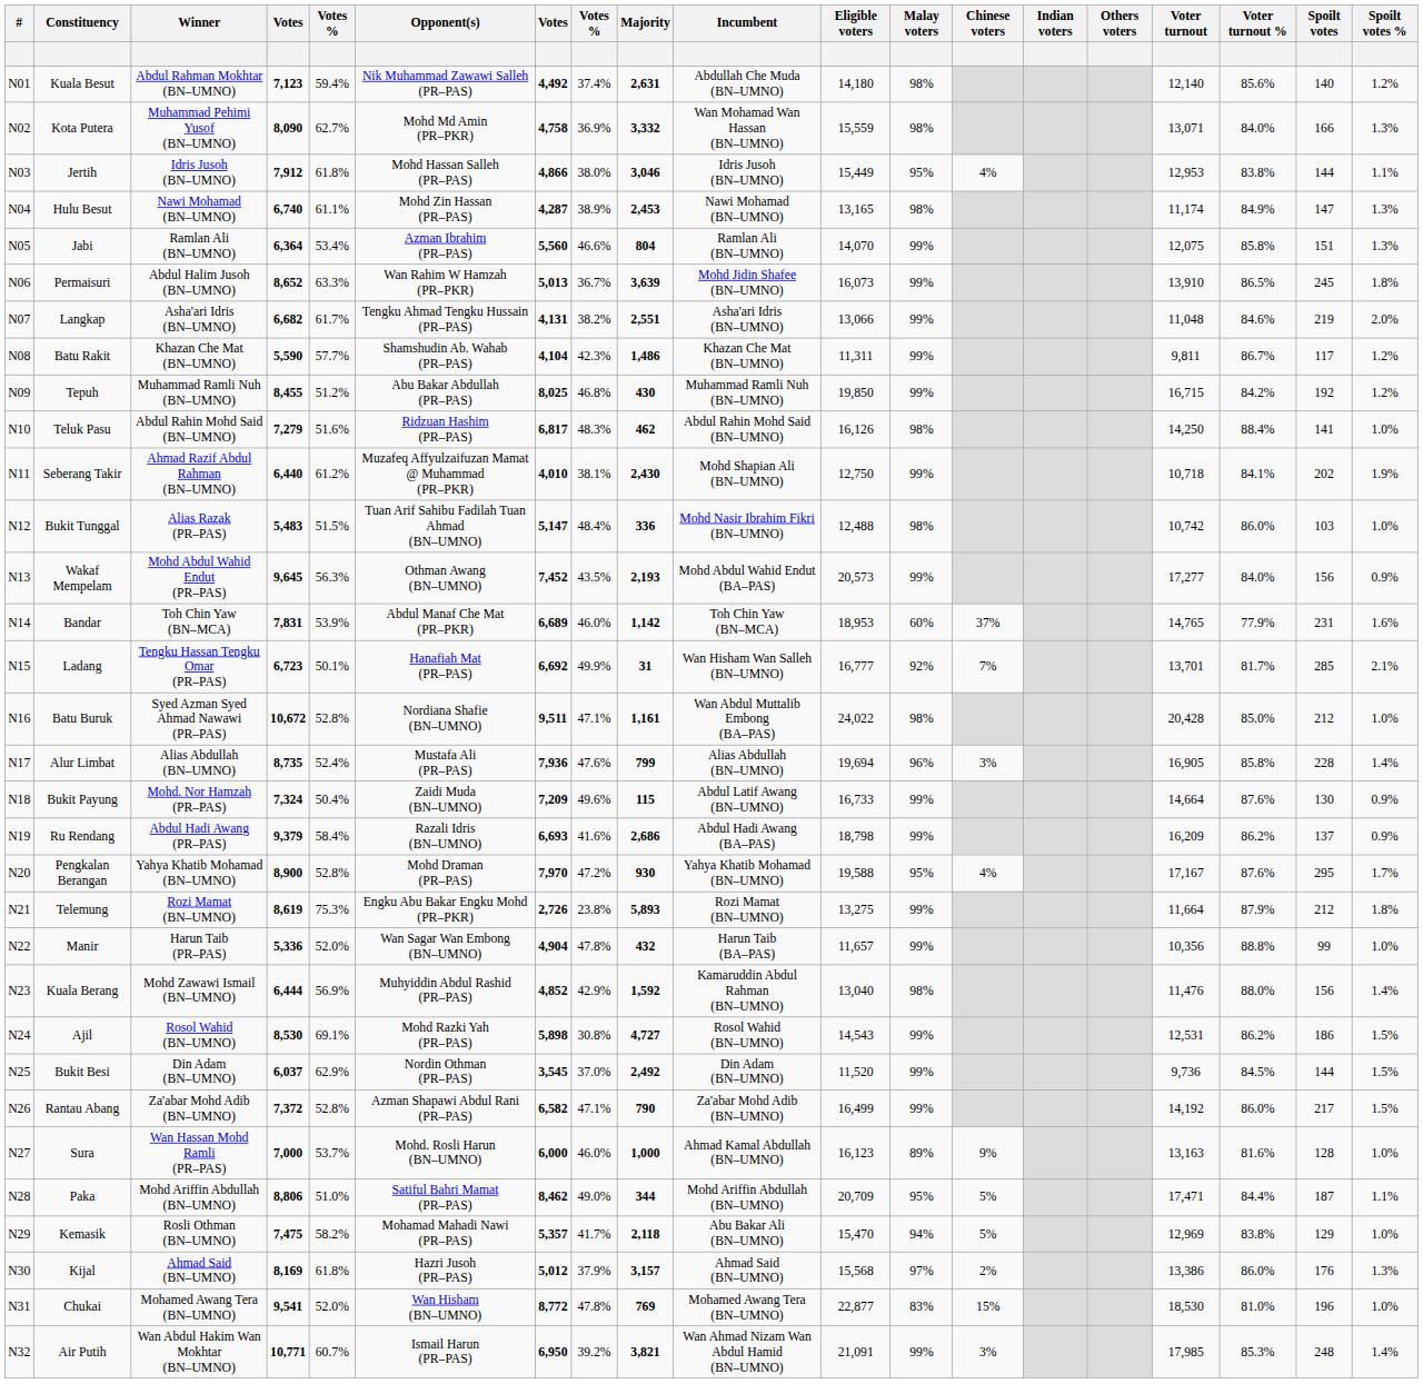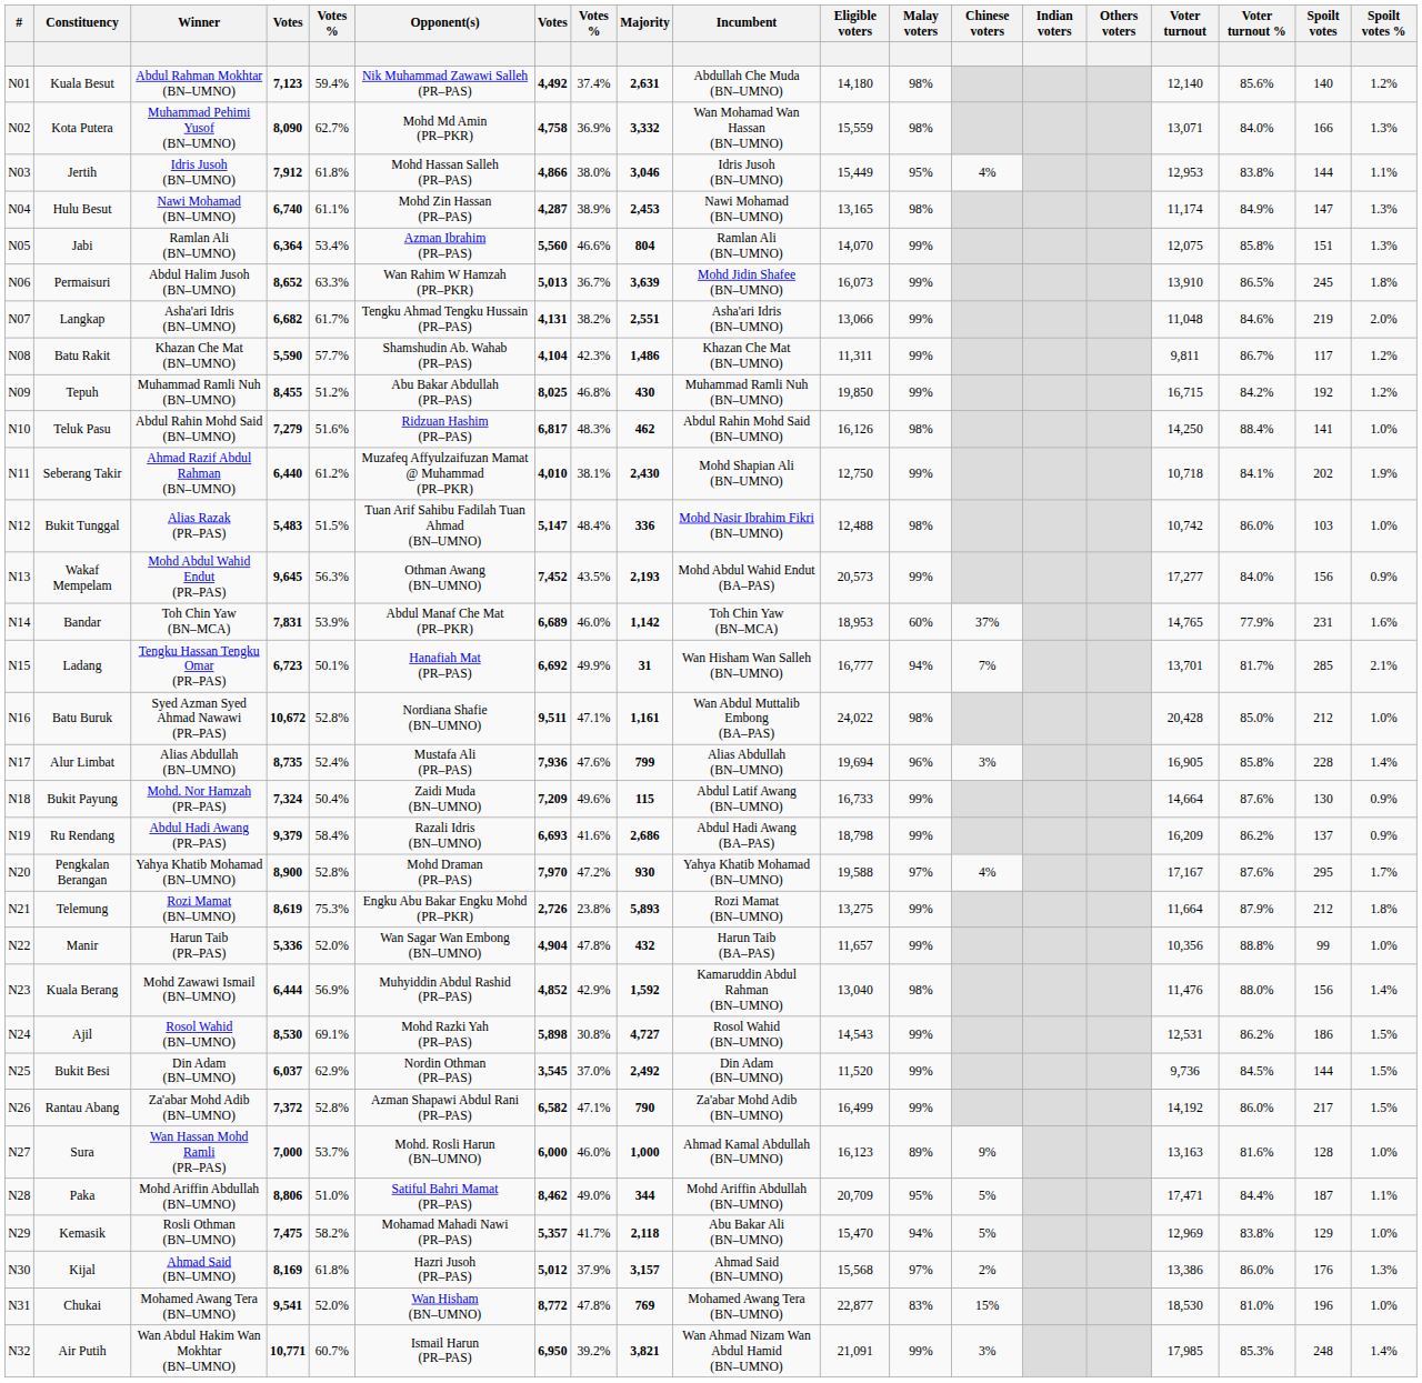 <table class="wikitable sortable" style="text-align:center; font-size:90%">
 <tr>
 <th>#</th>
 <th>Constituency</th>
 <th>Winner</th>
 <th>Votes</th>
 <th>Votes %</th>
 <th>Opponent(s)</th>
 <th>Votes</th>
 <th>Votes %</th>
 <th>Majority</th>
 <th>Incumbent</th>
 <th>Eligible voters</th>
 <th>Malay voters</th>
 <th>Chinese voters</th>
 <th>Indian voters</th>
 <th>Others voters</th>
 <th>Voter turnout</th>
 <th>Voter turnout %</th>
 <th>Spoilt votes</th>
 <th>Spoilt votes %</th>
 </tr>
 <tr>
 <th height="20"></th>
 <th></th>
 <th></th>
 <th></th>
 <th></th>
 <th></th>
 <th></th>
 <th></th>
 <th></th>
 <th></th>
 <th></th>
 <th></th>
 <th></th>
 <th></th>
 <th></th>
 <th></th>
 <th></th>
 <th></th>
 <th></th>
 </tr>
 <tr>
 <td>N01</td>
 <td>Kuala Besut</td>
 <td><a href='#'>Abdul Rahman Mokhtar</a><br>(BN–UMNO)</td>
 <td><strong>7,123</strong></td>
 <td>59.4%</td>
 <td><a href='#'>Nik Muhammad Zawawi Salleh</a><br>(PR–PAS)</td>
 <td><strong>4,492</strong></td>
 <td>37.4%</td>
 <td><strong>2,631</strong></td>
 <td>Abdullah Che Muda<br>(BN–UMNO)</td>
 <td>14,180</td>
 <td>98%</td>
 <td bgcolor="dcdcdc"></td>
 <td bgcolor="dcdcdc"></td>
 <td bgcolor="dcdcdc"></td>
 <td>12,140</td>
 <td>85.6%</td>
 <td>140</td>
 <td>1.2%</td>
 </tr>
 <tr align="center">
 <td>N02</td>
 <td>Kota Putera</td>
 <td><a href='#'>Muhammad Pehimi Yusof</a><br>(BN–UMNO)</td>
 <td><strong>8,090</strong></td>
 <td>62.7%</td>
 <td>Mohd Md Amin<br>(PR–PKR)</td>
 <td><strong>4,758</strong></td>
 <td>36.9%</td>
 <td><strong>3,332</strong></td>
 <td>Wan Mohamad Wan Hassan<br>(BN–UMNO)</td>
 <td>15,559</td>
 <td>98%</td>
 <td bgcolor="dcdcdc"></td>
 <td bgcolor="dcdcdc"></td>
 <td bgcolor="dcdcdc"></td>
 <td>13,071</td>
 <td>84.0%</td>
 <td>166</td>
 <td>1.3%</td>
 </tr>
 <tr align="center">
 <td>N03</td>
 <td>Jertih</td>
 <td><a href='#'>Idris Jusoh</a><br>(BN–UMNO)</td>
 <td><strong>7,912</strong></td>
 <td>61.8%</td>
 <td>Mohd Hassan Salleh<br>(PR–PAS)</td>
 <td><strong>4,866</strong></td>
 <td>38.0%</td>
 <td><strong>3,046</strong></td>
 <td>Idris Jusoh<br>(BN–UMNO)</td>
 <td>15,449</td>
 <td>95%</td>
 <td>4%</td>
 <td bgcolor="dcdcdc"></td>
 <td bgcolor="dcdcdc"></td>
 <td>12,953</td>
 <td>83.8%</td>
 <td>144</td>
 <td>1.1%</td>
 </tr>
 <tr align="center">
 <td>N04</td>
 <td>Hulu Besut</td>
 <td><a href='#'>Nawi Mohamad</a><br>(BN–UMNO)</td>
 <td><strong>6,740</strong></td>
 <td>61.1%</td>
 <td>Mohd Zin Hassan<br>(PR–PAS)</td>
 <td><strong>4,287</strong></td>
 <td>38.9%</td>
 <td><strong>2,453</strong></td>
 <td>Nawi Mohamad<br>(BN–UMNO)</td>
 <td>13,165</td>
 <td>98%</td>
 <td bgcolor="dcdcdc"></td>
 <td bgcolor="dcdcdc"></td>
 <td bgcolor="dcdcdc"></td>
 <td>11,174</td>
 <td>84.9%</td>
 <td>147</td>
 <td>1.3%</td>
 </tr>
 <tr align="center">
 <td>N05</td>
 <td>Jabi</td>
 <td>Ramlan Ali<br>(BN–UMNO)</td>
 <td><strong>6,364</strong></td>
 <td>53.4%</td>
 <td><a href='#'>Azman Ibrahim</a><br>(PR–PAS)</td>
 <td><strong>5,560</strong></td>
 <td>46.6%</td>
 <td><strong>804</strong></td>
 <td>Ramlan Ali<br>(BN–UMNO)</td>
 <td>14,070</td>
 <td>99%</td>
 <td bgcolor="dcdcdc"></td>
 <td bgcolor="dcdcdc"></td>
 <td bgcolor="dcdcdc"></td>
 <td>12,075</td>
 <td>85.8%</td>
 <td>151</td>
 <td>1.3%</td>
 </tr>
 <tr align="center">
 <td>N06</td>
 <td>Permaisuri</td>
 <td>Abdul Halim Jusoh<br>(BN–UMNO)</td>
 <td><strong>8,652</strong></td>
 <td>63.3%</td>
 <td>Wan Rahim W Hamzah<br>(PR–PKR)</td>
 <td><strong>5,013</strong></td>
 <td>36.7%</td>
 <td><strong>3,639</strong></td>
 <td><a href='#'>Mohd Jidin Shafee</a><br>(BN–UMNO)</td>
 <td>16,073</td>
 <td>99%</td>
 <td bgcolor="dcdcdc"></td>
 <td bgcolor="dcdcdc"></td>
 <td bgcolor="dcdcdc"></td>
 <td>13,910</td>
 <td>86.5%</td>
 <td>245</td>
 <td>1.8%</td>
 </tr>
 <tr align="center">
 <td>N07</td>
 <td>Langkap</td>
 <td>Asha'ari Idris<br>(BN–UMNO)</td>
 <td><strong>6,682</strong></td>
 <td>61.7%</td>
 <td>Tengku Ahmad Tengku Hussain<br>(PR–PAS)</td>
 <td><strong>4,131</strong></td>
 <td>38.2%</td>
 <td><strong>2,551</strong></td>
 <td>Asha'ari Idris<br>(BN–UMNO)</td>
 <td>13,066</td>
 <td>99%</td>
 <td bgcolor="dcdcdc"></td>
 <td bgcolor="dcdcdc"></td>
 <td bgcolor="dcdcdc"></td>
 <td>11,048</td>
 <td>84.6%</td>
 <td>219</td>
 <td>2.0%</td>
 </tr>
 <tr align="center">
 <td>N08</td>
 <td>Batu Rakit</td>
 <td>Khazan Che Mat<br>(BN–UMNO)</td>
 <td><strong>5,590</strong></td>
 <td>57.7%</td>
 <td>Shamshudin Ab. Wahab<br>(PR–PAS)</td>
 <td><strong>4,104</strong></td>
 <td>42.3%</td>
 <td><strong>1,486</strong></td>
 <td>Khazan Che Mat<br>(BN–UMNO)</td>
 <td>11,311</td>
 <td>99%</td>
 <td bgcolor="dcdcdc"></td>
 <td bgcolor="dcdcdc"></td>
 <td bgcolor="dcdcdc"></td>
 <td>9,811</td>
 <td>86.7%</td>
 <td>117</td>
 <td>1.2%</td>
 </tr>
 <tr align="center">
 <td>N09</td>
 <td>Tepuh</td>
 <td>Muhammad Ramli Nuh<br>(BN–UMNO)</td>
 <td><strong>8,455</strong></td>
 <td>51.2%</td>
 <td>Abu Bakar Abdullah<br>(PR–PAS)</td>
 <td><strong>8,025</strong></td>
 <td>46.8%</td>
 <td><strong>430</strong></td>
 <td>Muhammad Ramli Nuh<br>(BN–UMNO)</td>
 <td>19,850</td>
 <td>99%</td>
 <td bgcolor="dcdcdc"></td>
 <td bgcolor="dcdcdc"></td>
 <td bgcolor="dcdcdc"></td>
 <td>16,715</td>
 <td>84.2%</td>
 <td>192</td>
 <td>1.2%</td>
 </tr>
 <tr align="center">
 <td>N10</td>
 <td>Teluk Pasu</td>
 <td>Abdul Rahin Mohd Said<br>(BN–UMNO)</td>
 <td><strong>7,279</strong></td>
 <td>51.6%</td>
 <td><a href='#'>Ridzuan Hashim</a><br>(PR–PAS)</td>
 <td><strong>6,817</strong></td>
 <td>48.3%</td>
 <td><strong>462</strong></td>
 <td>Abdul Rahin Mohd Said<br>(BN–UMNO)</td>
 <td>16,126</td>
 <td>98%</td>
 <td bgcolor="dcdcdc"></td>
 <td bgcolor="dcdcdc"></td>
 <td bgcolor="dcdcdc"></td>
 <td>14,250</td>
 <td>88.4%</td>
 <td>141</td>
 <td>1.0%</td>
 </tr>
 <tr align="center">
 <td>N11</td>
 <td>Seberang Takir</td>
 <td><a href='#'>Ahmad Razif Abdul Rahman</a><br>(BN–UMNO)</td>
 <td><strong>6,440</strong></td>
 <td>61.2%</td>
 <td>Muzafeq Affyulzaifuzan Mamat @ Muhammad<br>(PR–PKR)</td>
 <td><strong>4,010</strong></td>
 <td>38.1%</td>
 <td><strong>2,430</strong></td>
 <td>Mohd Shapian Ali<br>(BN–UMNO)</td>
 <td>12,750</td>
 <td>99%</td>
 <td bgcolor="dcdcdc"></td>
 <td bgcolor="dcdcdc"></td>
 <td bgcolor="dcdcdc"></td>
 <td>10,718</td>
 <td>84.1%</td>
 <td>202</td>
 <td>1.9%</td>
 </tr>
 <tr align="center">
 <td>N12</td>
 <td>Bukit Tunggal</td>
 <td><a href='#'>Alias Razak</a><br>(PR–PAS)</td>
 <td><strong>5,483</strong></td>
 <td>51.5%</td>
 <td>Tuan Arif Sahibu Fadilah Tuan Ahmad<br>(BN–UMNO)</td>
 <td><strong>5,147</strong></td>
 <td>48.4%</td>
 <td><strong>336</strong></td>
 <td><a href='#'>Mohd Nasir Ibrahim Fikri</a><br>(BN–UMNO)</td>
 <td>12,488</td>
 <td>98%</td>
 <td bgcolor="dcdcdc"></td>
 <td bgcolor="dcdcdc"></td>
 <td bgcolor="dcdcdc"></td>
 <td>10,742</td>
 <td>86.0%</td>
 <td>103</td>
 <td>1.0%</td>
 </tr>
 <tr align="center">
 <td>N13</td>
 <td>Wakaf Mempelam</td>
 <td><a href='#'>Mohd Abdul Wahid Endut</a><br>(PR–PAS)</td>
 <td><strong>9,645</strong></td>
 <td>56.3%</td>
 <td>Othman Awang<br>(BN–UMNO)</td>
 <td><strong>7,452</strong></td>
 <td>43.5%</td>
 <td><strong>2,193</strong></td>
 <td>Mohd Abdul Wahid Endut<br>(BA–PAS)</td>
 <td>20,573</td>
 <td>99%</td>
 <td bgcolor="dcdcdc"></td>
 <td bgcolor="dcdcdc"></td>
 <td bgcolor="dcdcdc"></td>
 <td>17,277</td>
 <td>84.0%</td>
 <td>156</td>
 <td>0.9%</td>
 </tr>
 <tr align="center">
 <td>N14</td>
 <td>Bandar</td>
 <td>Toh Chin Yaw<br>(BN–MCA)</td>
 <td><strong>7,831</strong></td>
 <td>53.9%</td>
 <td>Abdul Manaf Che Mat<br>(PR–PKR)</td>
 <td><strong>6,689</strong></td>
 <td>46.0%</td>
 <td><strong>1,142</strong></td>
 <td>Toh Chin Yaw<br>(BN–MCA)</td>
 <td>18,953</td>
 <td>60%</td>
 <td>37%</td>
 <td bgcolor="dcdcdc"></td>
 <td bgcolor="dcdcdc"></td>
 <td>14,765</td>
 <td>77.9%</td>
 <td>231</td>
 <td>1.6%</td>
 </tr>
 <tr align="center">
 <td>N15</td>
 <td>Ladang</td>
 <td><a href='#'>Tengku Hassan Tengku Omar</a><br>(PR–PAS)</td>
 <td><strong>6,723</strong></td>
 <td>50.1%</td>
 <td><a href='#'>Hanafiah Mat</a><br>(PR–PAS)</td>
 <td><strong>6,692</strong></td>
 <td>49.9%</td>
 <td><strong>31</strong></td>
 <td>Wan Hisham Wan Salleh<br>(BN–UMNO)</td>
 <td>16,777</td>
-<td>92%</td>
+<td>94%</td>
 <td>7%</td>
 <td bgcolor="dcdcdc"></td>
 <td bgcolor="dcdcdc"></td>
 <td>13,701</td>
 <td>81.7%</td>
 <td>285</td>
 <td>2.1%</td>
 </tr>
 <tr align="center">
 <td>N16</td>
 <td>Batu Buruk</td>
 <td>Syed Azman Syed Ahmad Nawawi<br>(PR–PAS)</td>
 <td><strong>10,672</strong></td>
 <td>52.8%</td>
 <td>Nordiana Shafie<br>(BN–UMNO)</td>
 <td><strong>9,511</strong></td>
 <td>47.1%</td>
 <td><strong>1,161</strong></td>
 <td>Wan Abdul Muttalib Embong<br>(BA–PAS)</td>
 <td>24,022</td>
 <td>98%</td>
 <td bgcolor="dcdcdc"></td>
 <td bgcolor="dcdcdc"></td>
 <td bgcolor="dcdcdc"></td>
 <td>20,428</td>
 <td>85.0%</td>
 <td>212</td>
 <td>1.0%</td>
 </tr>
 <tr align="center">
 <td>N17</td>
 <td>Alur Limbat</td>
 <td>Alias Abdullah<br>(BN–UMNO)</td>
 <td><strong>8,735</strong></td>
 <td>52.4%</td>
 <td>Mustafa Ali<br>(PR–PAS)</td>
 <td><strong>7,936</strong></td>
 <td>47.6%</td>
 <td><strong>799</strong></td>
 <td>Alias Abdullah<br>(BN–UMNO)</td>
 <td>19,694</td>
 <td>96%</td>
 <td>3%</td>
 <td bgcolor="dcdcdc"></td>
 <td bgcolor="dcdcdc"></td>
 <td>16,905</td>
 <td>85.8%</td>
 <td>228</td>
 <td>1.4%</td>
 </tr>
 <tr align="center">
 <td>N18</td>
 <td>Bukit Payung</td>
 <td><a href='#'>Mohd. Nor Hamzah</a><br>(PR–PAS)</td>
 <td><strong>7,324</strong></td>
 <td>50.4%</td>
 <td>Zaidi Muda<br>(BN–UMNO)</td>
 <td><strong>7,209</strong></td>
 <td>49.6%</td>
 <td><strong>115</strong></td>
 <td>Abdul Latif Awang<br>(BN–UMNO)</td>
 <td>16,733</td>
 <td>99%</td>
 <td bgcolor="dcdcdc"></td>
 <td bgcolor="dcdcdc"></td>
 <td bgcolor="dcdcdc"></td>
 <td>14,664</td>
 <td>87.6%</td>
 <td>130</td>
 <td>0.9%</td>
 </tr>
 <tr align="center">
 <td>N19</td>
 <td>Ru Rendang</td>
 <td><a href='#'>Abdul Hadi Awang</a><br>(PR–PAS)</td>
 <td><strong>9,379</strong></td>
 <td>58.4%</td>
 <td>Razali Idris<br>(BN–UMNO)</td>
 <td><strong>6,693</strong></td>
 <td>41.6%</td>
 <td><strong>2,686</strong></td>
 <td>Abdul Hadi Awang<br>(BA–PAS)</td>
 <td>18,798</td>
 <td>99%</td>
 <td bgcolor="dcdcdc"></td>
 <td bgcolor="dcdcdc"></td>
 <td bgcolor="dcdcdc"></td>
 <td>16,209</td>
 <td>86.2%</td>
 <td>137</td>
 <td>0.9%</td>
 </tr>
 <tr align="center">
 <td>N20</td>
 <td>Pengkalan Berangan</td>
 <td>Yahya Khatib Mohamad<br>(BN–UMNO)</td>
 <td><strong>8,900</strong></td>
 <td>52.8%</td>
 <td>Mohd Draman<br>(PR–PAS)</td>
 <td><strong>7,970</strong></td>
 <td>47.2%</td>
 <td><strong>930</strong></td>
 <td>Yahya Khatib Mohamad<br>(BN–UMNO)</td>
 <td>19,588</td>
-<td>95%</td>
+<td>97%</td>
 <td>4%</td>
 <td bgcolor="dcdcdc"></td>
 <td bgcolor="dcdcdc"></td>
 <td>17,167</td>
 <td>87.6%</td>
 <td>295</td>
 <td>1.7%</td>
 </tr>
 <tr align="center">
 <td>N21</td>
 <td>Telemung</td>
 <td><a href='#'>Rozi Mamat</a><br>(BN–UMNO)</td>
 <td><strong>8,619</strong></td>
 <td>75.3%</td>
 <td>Engku Abu Bakar Engku Mohd<br>(PR–PKR)</td>
 <td><strong>2,726</strong></td>
 <td>23.8%</td>
 <td><strong>5,893</strong></td>
 <td>Rozi Mamat<br>(BN–UMNO)</td>
 <td>13,275</td>
 <td>99%</td>
 <td bgcolor="dcdcdc"></td>
 <td bgcolor="dcdcdc"></td>
 <td bgcolor="dcdcdc"></td>
 <td>11,664</td>
 <td>87.9%</td>
 <td>212</td>
 <td>1.8%</td>
 </tr>
 <tr align="center">
 <td>N22</td>
 <td>Manir</td>
 <td>Harun Taib<br>(PR–PAS)</td>
 <td><strong>5,336</strong></td>
 <td>52.0%</td>
 <td>Wan Sagar Wan Embong<br>(BN–UMNO)</td>
 <td><strong>4,904</strong></td>
 <td>47.8%</td>
 <td><strong>432</strong></td>
 <td>Harun Taib<br>(BA–PAS)</td>
 <td>11,657</td>
 <td>99%</td>
 <td bgcolor="dcdcdc"></td>
 <td bgcolor="dcdcdc"></td>
 <td bgcolor="dcdcdc"></td>
 <td>10,356</td>
 <td>88.8%</td>
 <td>99</td>
 <td>1.0%</td>
 </tr>
 <tr align="center">
 <td>N23</td>
 <td>Kuala Berang</td>
 <td>Mohd Zawawi Ismail<br>(BN–UMNO)</td>
 <td><strong>6,444</strong></td>
 <td>56.9%</td>
 <td>Muhyiddin Abdul Rashid<br>(PR–PAS)</td>
 <td><strong>4,852</strong></td>
 <td>42.9%</td>
 <td><strong>1,592</strong></td>
 <td>Kamaruddin Abdul Rahman<br>(BN–UMNO)</td>
 <td>13,040</td>
 <td>98%</td>
 <td bgcolor="dcdcdc"></td>
 <td bgcolor="dcdcdc"></td>
 <td bgcolor="dcdcdc"></td>
 <td>11,476</td>
 <td>88.0%</td>
 <td>156</td>
 <td>1.4%</td>
 </tr>
 <tr align="center">
 <td>N24</td>
 <td>Ajil</td>
 <td><a href='#'>Rosol Wahid</a><br>(BN–UMNO)</td>
 <td><strong>8,530</strong></td>
 <td>69.1%</td>
 <td>Mohd Razki Yah<br>(PR–PAS)</td>
 <td><strong>5,898</strong></td>
 <td>30.8%</td>
 <td><strong>4,727</strong></td>
 <td>Rosol Wahid<br>(BN–UMNO)</td>
 <td>14,543</td>
 <td>99%</td>
 <td bgcolor="dcdcdc"></td>
 <td bgcolor="dcdcdc"></td>
 <td bgcolor="dcdcdc"></td>
 <td>12,531</td>
 <td>86.2%</td>
 <td>186</td>
 <td>1.5%</td>
 </tr>
 <tr align="center">
 <td>N25</td>
 <td>Bukit Besi</td>
 <td>Din Adam<br>(BN–UMNO)</td>
 <td><strong>6,037</strong></td>
 <td>62.9%</td>
 <td>Nordin Othman<br>(PR–PAS)</td>
 <td><strong>3,545</strong></td>
 <td>37.0%</td>
 <td><strong>2,492</strong></td>
 <td>Din Adam<br>(BN–UMNO)</td>
 <td>11,520</td>
 <td>99%</td>
 <td bgcolor="dcdcdc"></td>
 <td bgcolor="dcdcdc"></td>
 <td bgcolor="dcdcdc"></td>
 <td>9,736</td>
 <td>84.5%</td>
 <td>144</td>
 <td>1.5%</td>
 </tr>
 <tr align="center">
 <td>N26</td>
 <td>Rantau Abang</td>
 <td>Za'abar Mohd Adib<br>(BN–UMNO)</td>
 <td><strong>7,372</strong></td>
 <td>52.8%</td>
 <td>Azman Shapawi Abdul Rani<br>(PR–PAS)</td>
 <td><strong>6,582</strong></td>
 <td>47.1%</td>
 <td><strong>790</strong></td>
 <td>Za'abar Mohd Adib<br>(BN–UMNO)</td>
 <td>16,499</td>
 <td>99%</td>
 <td bgcolor="dcdcdc"></td>
 <td bgcolor="dcdcdc"></td>
 <td bgcolor="dcdcdc"></td>
 <td>14,192</td>
 <td>86.0%</td>
 <td>217</td>
 <td>1.5%</td>
 </tr>
 <tr align="center">
 <td>N27</td>
 <td>Sura</td>
 <td><a href='#'>Wan Hassan Mohd Ramli</a><br>(PR–PAS)</td>
 <td><strong>7,000</strong></td>
 <td>53.7%</td>
 <td>Mohd. Rosli Harun<br>(BN–UMNO)</td>
 <td><strong>6,000</strong></td>
 <td>46.0%</td>
 <td><strong>1,000</strong></td>
 <td>Ahmad Kamal Abdullah<br>(BN–UMNO)</td>
 <td>16,123</td>
 <td>89%</td>
 <td>9%</td>
 <td bgcolor="dcdcdc"></td>
 <td bgcolor="dcdcdc"></td>
 <td>13,163</td>
 <td>81.6%</td>
 <td>128</td>
 <td>1.0%</td>
 </tr>
 <tr align="center">
 <td>N28</td>
 <td>Paka</td>
 <td>Mohd Ariffin Abdullah<br>(BN–UMNO)</td>
 <td><strong>8,806</strong></td>
 <td>51.0%</td>
 <td><a href='#'>Satiful Bahri Mamat</a><br>(PR–PAS)</td>
 <td><strong>8,462</strong></td>
 <td>49.0%</td>
 <td><strong>344</strong></td>
 <td>Mohd Ariffin Abdullah<br>(BN–UMNO)</td>
 <td>20,709</td>
 <td>95%</td>
 <td>5%</td>
 <td bgcolor="dcdcdc"></td>
 <td bgcolor="dcdcdc"></td>
 <td>17,471</td>
 <td>84.4%</td>
 <td>187</td>
 <td>1.1%</td>
 </tr>
 <tr align="center">
 <td>N29</td>
 <td>Kemasik</td>
 <td>Rosli Othman<br>(BN–UMNO)</td>
 <td><strong>7,475</strong></td>
 <td>58.2%</td>
 <td>Mohamad Mahadi Nawi<br>(PR–PAS)</td>
 <td><strong>5,357</strong></td>
 <td>41.7%</td>
 <td><strong>2,118</strong></td>
 <td>Abu Bakar Ali<br>(BN–UMNO)</td>
 <td>15,470</td>
 <td>94%</td>
 <td>5%</td>
 <td bgcolor="dcdcdc"></td>
 <td bgcolor="dcdcdc"></td>
 <td>12,969</td>
 <td>83.8%</td>
 <td>129</td>
 <td>1.0%</td>
 </tr>
 <tr align="center">
 <td>N30</td>
 <td>Kijal</td>
 <td><a href='#'>Ahmad Said</a><br>(BN–UMNO)</td>
 <td><strong>8,169</strong></td>
 <td>61.8%</td>
 <td>Hazri Jusoh<br>(PR–PAS)</td>
 <td><strong>5,012</strong></td>
 <td>37.9%</td>
 <td><strong>3,157</strong></td>
 <td>Ahmad Said<br>(BN–UMNO)</td>
 <td>15,568</td>
 <td>97%</td>
 <td>2%</td>
 <td bgcolor="dcdcdc"></td>
 <td bgcolor="dcdcdc"></td>
 <td>13,386</td>
 <td>86.0%</td>
 <td>176</td>
 <td>1.3%</td>
 </tr>
 <tr align="center">
 <td>N31</td>
 <td>Chukai</td>
 <td>Mohamed Awang Tera<br>(BN–UMNO)</td>
 <td><strong>9,541</strong></td>
 <td>52.0%</td>
 <td><a href='#'>Wan Hisham</a><br>(BN–UMNO)</td>
 <td><strong>8,772</strong></td>
 <td>47.8%</td>
 <td><strong>769</strong></td>
 <td>Mohamed Awang Tera<br>(BN–UMNO)</td>
 <td>22,877</td>
 <td>83%</td>
 <td>15%</td>
 <td bgcolor="dcdcdc"></td>
 <td bgcolor="dcdcdc"></td>
 <td>18,530</td>
 <td>81.0%</td>
 <td>196</td>
 <td>1.0%</td>
 </tr>
 <tr align="center">
 <td>N32</td>
 <td>Air Putih</td>
 <td>Wan Abdul Hakim Wan Mokhtar<br>(BN–UMNO)</td>
 <td><strong>10,771</strong></td>
 <td>60.7%</td>
 <td>Ismail Harun<br>(PR–PAS)</td>
 <td><strong>6,950</strong></td>
 <td>39.2%</td>
 <td><strong>3,821</strong></td>
 <td>Wan Ahmad Nizam Wan Abdul Hamid<br>(BN–UMNO)</td>
 <td>21,091</td>
 <td>99%</td>
 <td>3%</td>
 <td bgcolor="dcdcdc"></td>
 <td bgcolor="dcdcdc"></td>
 <td>17,985</td>
 <td>85.3%</td>
 <td>248</td>
 <td>1.4%</td>
 </tr>
 </table>
